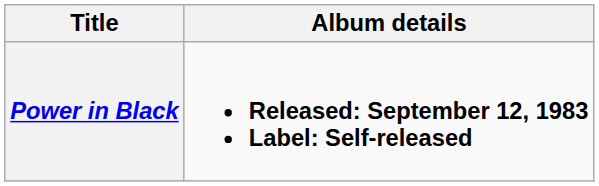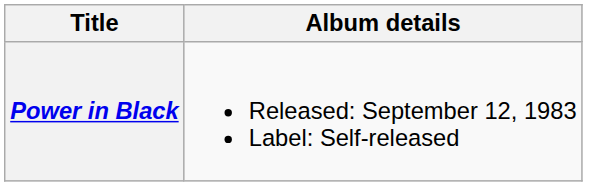 <table class="wikitable plainrowheaders">
 <tr>
 <th scope="col">Title</th>
 <th scope="col">Album details</th>
 </tr>
 <tr>
 <th scope="row"><em><a href='#'>Power in Black</a></em></th>
-<td><strong><br><ul><li>Released: September 12, 1983</li><li>Label: Self-released</li></ul></strong></td>
+<td><br><ul><li>Released: September 12, 1983</li><li>Label: Self-released</li></ul></td>
 </tr>
 </table>
